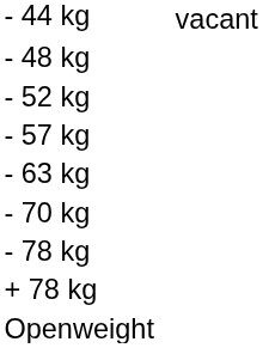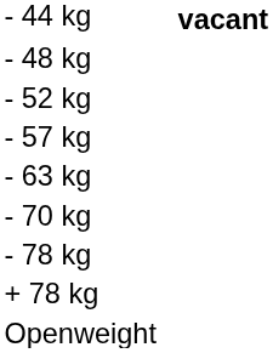 <table>
 <tr>
 <td rowspan=2>- 44 kg<br></td>
 <td rowspan=2></td>
 <td rowspan=2></td>
 <td></td>
 </tr>
 <tr>
-<td>vacant</td>
+<td><strong>vacant</strong></td>
 </tr>
 <tr>
 <td rowspan=2>- 48 kg<br></td>
 <td rowspan=2></td>
 <td rowspan=2></td>
 <td></td>
 </tr>
 <tr>
 <td></td>
 </tr>
 <tr>
 <td rowspan=2>- 52 kg<br></td>
 <td rowspan=2></td>
 <td rowspan=2></td>
 <td></td>
 </tr>
 <tr>
 <td></td>
 </tr>
 <tr>
 <td rowspan=2>- 57 kg<br></td>
 <td rowspan=2></td>
 <td rowspan=2></td>
 <td></td>
 </tr>
 <tr>
 <td></td>
 </tr>
 <tr>
 <td rowspan=2>- 63 kg<br></td>
 <td rowspan=2></td>
 <td rowspan=2></td>
 <td></td>
 </tr>
 <tr>
 <td></td>
 </tr>
 <tr>
 <td rowspan=2>- 70 kg<br></td>
 <td rowspan=2></td>
 <td rowspan=2></td>
 <td></td>
 </tr>
 <tr>
 <td></td>
 </tr>
 <tr>
 <td rowspan=2>- 78 kg<br></td>
 <td rowspan=2></td>
 <td rowspan=2></td>
 <td></td>
 </tr>
 <tr>
 <td></td>
 </tr>
 <tr>
 <td rowspan=2>+ 78 kg<br></td>
 <td rowspan=2></td>
 <td rowspan=2></td>
 <td></td>
 </tr>
 <tr>
 <td></td>
 </tr>
 <tr>
 <td rowspan=2>Openweight<br></td>
 <td rowspan=2></td>
 <td rowspan=2></td>
 <td></td>
 </tr>
 <tr>
 <td></td>
 </tr>
 </table>
